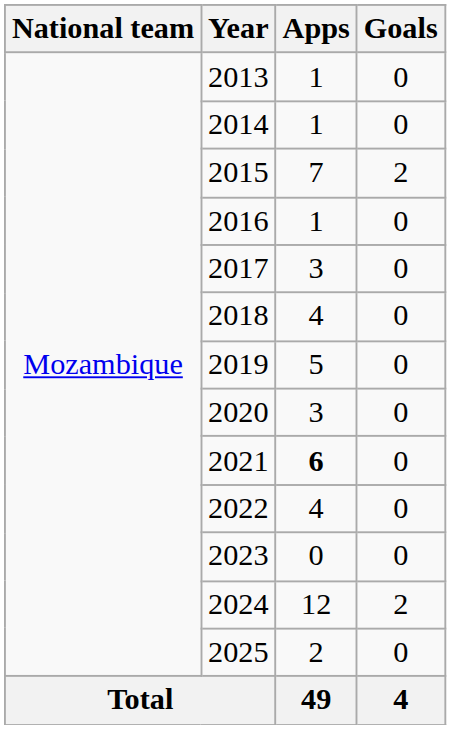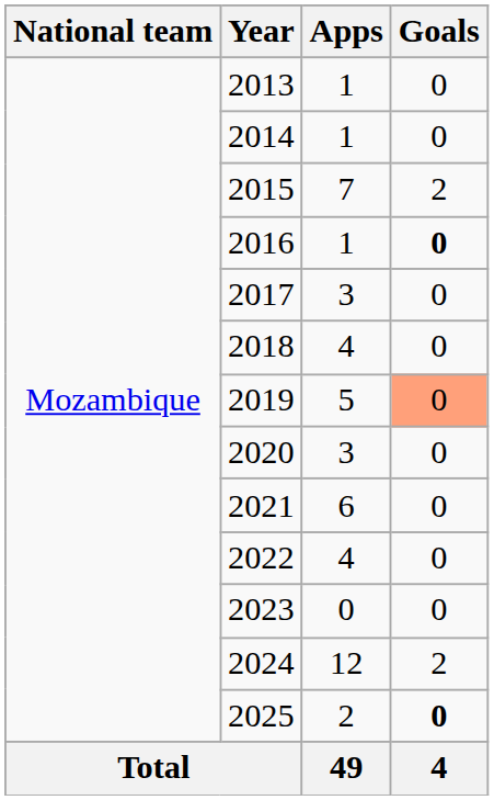 <table class="wikitable" style="text-align:center">
 <tr>
 <th>National team</th>
 <th>Year</th>
 <th>Apps</th>
 <th>Goals</th>
 </tr>
 <tr>
 <td rowspan="13"><a href='#'>Mozambique</a></td>
 <td>2013</td>
 <td>1</td>
 <td>0</td>
 </tr>
 <tr>
 <td>2014</td>
 <td>1</td>
 <td>0</td>
 </tr>
 <tr>
 <td>2015</td>
 <td>7</td>
 <td>2</td>
 </tr>
 <tr>
 <td>2016</td>
 <td>1</td>
-<td>0</td>
+<td><strong>0</strong></td>
 </tr>
 <tr>
 <td>2017</td>
 <td>3</td>
 <td>0</td>
 </tr>
 <tr>
 <td>2018</td>
 <td>4</td>
 <td>0</td>
 </tr>
 <tr>
 <td>2019</td>
 <td>5</td>
-<td>0</td>
+<td style="background: lightsalmon;">0</td>
 </tr>
 <tr>
 <td>2020</td>
 <td>3</td>
 <td>0</td>
 </tr>
 <tr>
 <td>2021</td>
-<td><strong>6</strong></td>
+<td>6</td>
 <td>0</td>
 </tr>
 <tr>
 <td>2022</td>
 <td>4</td>
 <td>0</td>
 </tr>
 <tr>
 <td>2023</td>
 <td>0</td>
 <td>0</td>
 </tr>
 <tr>
 <td>2024</td>
 <td>12</td>
 <td>2</td>
 </tr>
 <tr>
 <td>2025</td>
 <td>2</td>
-<td>0</td>
+<td><strong>0</strong></td>
 </tr>
 <tr>
 <th colspan="2">Total</th>
 <th>49</th>
 <th>4</th>
 </tr>
 </table>
